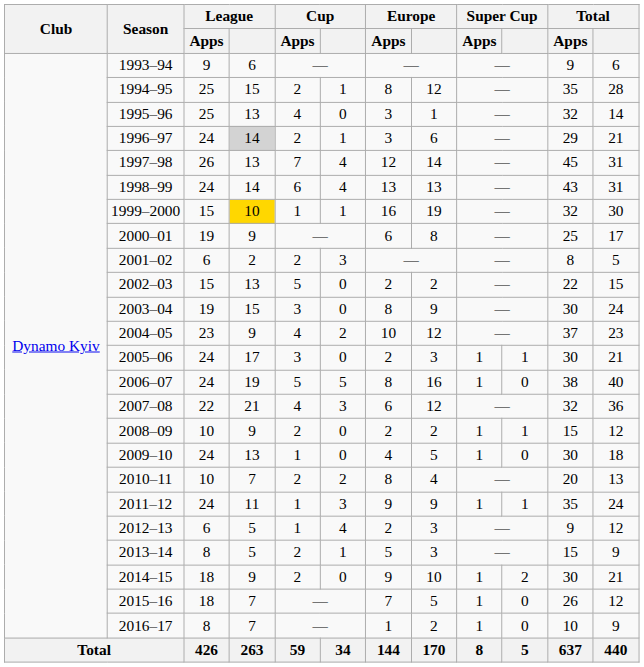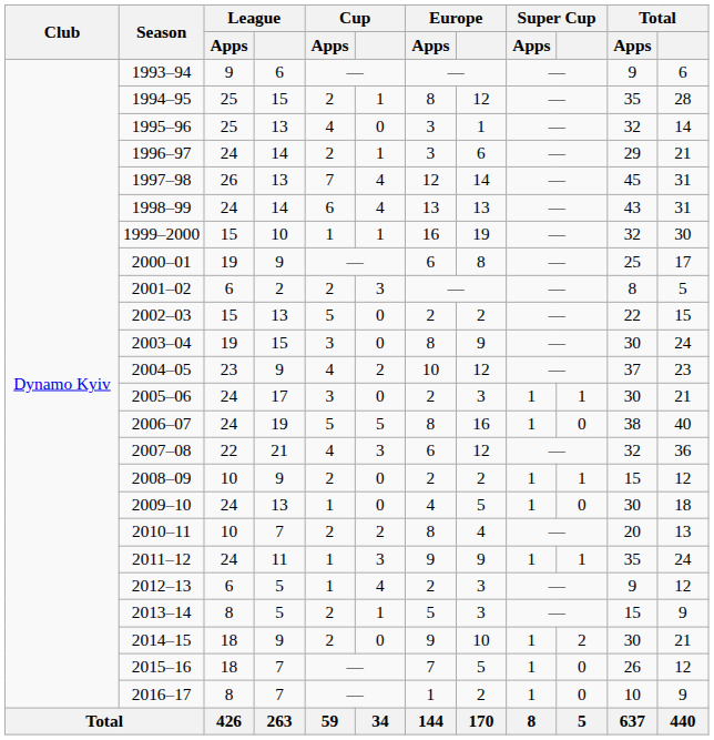 <table class="wikitable" style="text-align:center">
 <tr>
 <th rowspan="2" width="100">Club</th>
 <th rowspan="2">Season</th>
 <th colspan="2">League</th>
 <th colspan="2">Cup</th>
 <th colspan="2">Europe</th>
 <th colspan="2">Super Cup</th>
 <th colspan="2">Total</th>
 </tr>
 <tr>
 <th width="40">Apps</th>
 <th width="40"></th>
 <th width="40">Apps</th>
 <th width="40"></th>
 <th width="40">Apps</th>
 <th width="40"></th>
 <th width="40">Apps</th>
 <th width="40"></th>
 <th width="40">Apps</th>
 <th width="40"></th>
 </tr>
 <tr>
 <td rowspan="24"><a href='#'>Dynamo Kyiv</a></td>
 <td>1993–94</td>
 <td>9</td>
 <td>6</td>
 <td colspan="2">—</td>
 <td colspan="2">—</td>
 <td colspan="2">—</td>
 <td>9</td>
 <td>6</td>
 </tr>
 <tr>
 <td>1994–95</td>
 <td>25</td>
 <td>15</td>
 <td>2</td>
 <td>1</td>
 <td>8</td>
 <td>12</td>
 <td colspan="2">—</td>
 <td>35</td>
 <td>28</td>
 </tr>
 <tr>
 <td>1995–96</td>
 <td>25</td>
 <td>13</td>
 <td>4</td>
 <td>0</td>
 <td>3</td>
 <td>1</td>
 <td colspan="2">—</td>
 <td>32</td>
 <td>14</td>
 </tr>
 <tr>
 <td>1996–97</td>
 <td>24</td>
-<td style="background: lightgrey;">14</td>
+<td>14</td>
 <td>2</td>
 <td>1</td>
 <td>3</td>
 <td>6</td>
 <td colspan="2">—</td>
 <td>29</td>
 <td>21</td>
 </tr>
 <tr>
 <td>1997–98</td>
 <td>26</td>
 <td>13</td>
 <td>7</td>
 <td>4</td>
 <td>12</td>
 <td>14</td>
 <td colspan="2">—</td>
 <td>45</td>
 <td>31</td>
 </tr>
 <tr>
 <td>1998–99</td>
 <td>24</td>
 <td>14</td>
 <td>6</td>
 <td>4</td>
 <td>13</td>
 <td>13</td>
 <td colspan="2">—</td>
 <td>43</td>
 <td>31</td>
 </tr>
 <tr>
 <td>1999–2000</td>
 <td>15</td>
-<td style="background: gold;">10</td>
+<td>10</td>
 <td>1</td>
 <td>1</td>
 <td>16</td>
 <td>19</td>
 <td colspan="2">—</td>
 <td>32</td>
 <td>30</td>
 </tr>
 <tr>
 <td>2000–01</td>
 <td>19</td>
 <td>9</td>
 <td colspan="2">—</td>
 <td>6</td>
 <td>8</td>
 <td colspan="2">—</td>
 <td>25</td>
 <td>17</td>
 </tr>
 <tr>
 <td>2001–02</td>
 <td>6</td>
 <td>2</td>
 <td>2</td>
 <td>3</td>
 <td colspan="2">—</td>
 <td colspan="2">—</td>
 <td>8</td>
 <td>5</td>
 </tr>
 <tr>
 <td>2002–03</td>
 <td>15</td>
 <td>13</td>
 <td>5</td>
 <td>0</td>
 <td>2</td>
 <td>2</td>
 <td colspan="2">—</td>
 <td>22</td>
 <td>15</td>
 </tr>
 <tr>
 <td>2003–04</td>
 <td>19</td>
 <td>15</td>
 <td>3</td>
 <td>0</td>
 <td>8</td>
 <td>9</td>
 <td colspan="2">—</td>
 <td>30</td>
 <td>24</td>
 </tr>
 <tr>
 <td>2004–05</td>
 <td>23</td>
 <td>9</td>
 <td>4</td>
 <td>2</td>
 <td>10</td>
 <td>12</td>
 <td colspan="2">—</td>
 <td>37</td>
 <td>23</td>
 </tr>
 <tr>
 <td>2005–06</td>
 <td>24</td>
 <td>17</td>
 <td>3</td>
 <td>0</td>
 <td>2</td>
 <td>3</td>
 <td>1</td>
 <td>1</td>
 <td>30</td>
 <td>21</td>
 </tr>
 <tr>
 <td>2006–07</td>
 <td>24</td>
 <td>19</td>
 <td>5</td>
 <td>5</td>
 <td>8</td>
 <td>16</td>
 <td>1</td>
 <td>0</td>
 <td>38</td>
 <td>40</td>
 </tr>
 <tr>
 <td>2007–08</td>
 <td>22</td>
 <td>21</td>
 <td>4</td>
 <td>3</td>
 <td>6</td>
 <td>12</td>
 <td colspan="2">—</td>
 <td>32</td>
 <td>36</td>
 </tr>
 <tr>
 <td>2008–09</td>
 <td>10</td>
 <td>9</td>
 <td>2</td>
 <td>0</td>
 <td>2</td>
 <td>2</td>
 <td>1</td>
 <td>1</td>
 <td>15</td>
 <td>12</td>
 </tr>
 <tr>
 <td>2009–10</td>
 <td>24</td>
 <td>13</td>
 <td>1</td>
 <td>0</td>
 <td>4</td>
 <td>5</td>
 <td>1</td>
 <td>0</td>
 <td>30</td>
 <td>18</td>
 </tr>
 <tr>
 <td>2010–11</td>
 <td>10</td>
 <td>7</td>
 <td>2</td>
 <td>2</td>
 <td>8</td>
 <td>4</td>
 <td colspan="2">—</td>
 <td>20</td>
 <td>13</td>
 </tr>
 <tr>
 <td>2011–12</td>
 <td>24</td>
 <td>11</td>
 <td>1</td>
 <td>3</td>
 <td>9</td>
 <td>9</td>
 <td>1</td>
 <td>1</td>
 <td>35</td>
 <td>24</td>
 </tr>
 <tr>
 <td>2012–13</td>
 <td>6</td>
 <td>5</td>
 <td>1</td>
 <td>4</td>
 <td>2</td>
 <td>3</td>
 <td colspan="2">—</td>
 <td>9</td>
 <td>12</td>
 </tr>
 <tr>
 <td>2013–14</td>
 <td>8</td>
 <td>5</td>
 <td>2</td>
 <td>1</td>
 <td>5</td>
 <td>3</td>
 <td colspan="2">—</td>
 <td>15</td>
 <td>9</td>
 </tr>
 <tr>
 <td>2014–15</td>
 <td>18</td>
 <td>9</td>
 <td>2</td>
 <td>0</td>
 <td>9</td>
 <td>10</td>
 <td>1</td>
 <td>2</td>
 <td>30</td>
 <td>21</td>
 </tr>
 <tr>
 <td>2015–16</td>
 <td>18</td>
 <td>7</td>
 <td colspan="2">—</td>
 <td>7</td>
 <td>5</td>
 <td>1</td>
 <td>0</td>
 <td>26</td>
 <td>12</td>
 </tr>
 <tr>
 <td>2016–17</td>
 <td>8</td>
 <td>7</td>
 <td colspan="2">—</td>
 <td>1</td>
 <td>2</td>
 <td>1</td>
 <td>0</td>
 <td>10</td>
 <td>9</td>
 </tr>
 <tr>
 <th colspan="2">Total</th>
 <th>426</th>
 <th>263</th>
 <th>59</th>
 <th>34</th>
 <th>144</th>
 <th>170</th>
 <th>8</th>
 <th>5</th>
 <th>637</th>
 <th>440</th>
 </tr>
 </table>
